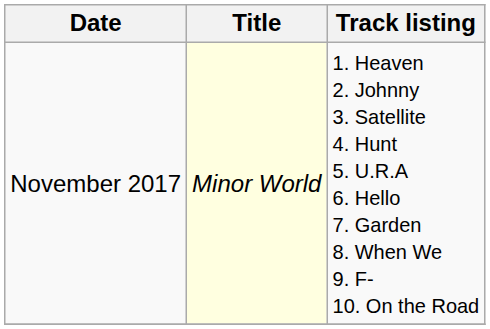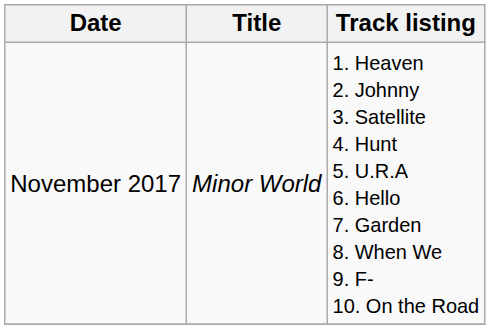 <table class="wikitable">
 <tr>
 <th rowspan="1">Date</th>
 <th rowspan="1">Title</th>
 <th rowspan="1">Track listing</th>
 </tr>
 <tr>
 <td>November 2017</td>
-<td style="background: lightyellow;"><em>Minor World</em></td>
+<td><em>Minor World</em></td>
 <td><small> 1. Heaven <br>2. Johnny <br>3. Satellite <br>4. Hunt <br>5. U.R.A <br>6. Hello <br>7. Garden <br>8. When We <br>9. F- <br>10. On the Road <br> </small></td>
 </tr>
 <tr>
 </tr>
 </table>
